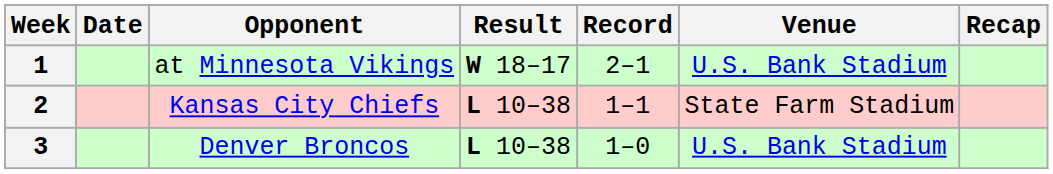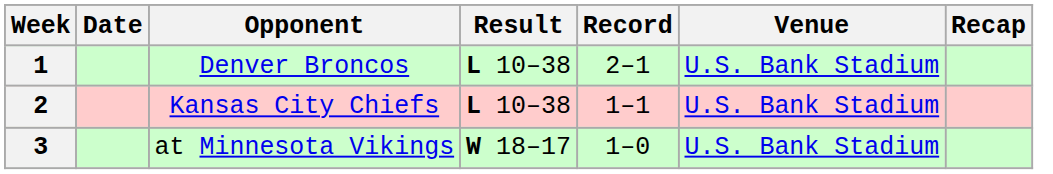 <table class="wikitable" style="text-align:center">
 <tr>
 <th>Week</th>
 <th>Date</th>
 <th>Opponent</th>
 <th>Result</th>
 <th>Record</th>
 <th>Venue</th>
 <th>Recap</th>
 </tr>
 <tr style="background:#cfc">
 <th>1</th>
 <td></td>
-<td>at <a href='#'>Minnesota Vikings</a></td>
-<td><strong>W</strong> 18–17</td>
+<td><a href='#'>Denver Broncos</a></td>
+<td><strong>L</strong> 10–38</td>
 <td>2–1</td>
 <td><a href='#'>U.S. Bank Stadium</a></td>
 <td></td>
 </tr>
 <tr style="background:#fcc">
 <th>2</th>
 <td></td>
 <td><a href='#'>Kansas City Chiefs</a></td>
 <td><strong>L</strong> 10–38</td>
 <td>1–1</td>
-<td>State Farm Stadium</td>
+<td><a href='#'>U.S. Bank Stadium</a></td>
 <td></td>
 </tr>
 <tr style="background:#cfc">
 <th>3</th>
 <td></td>
-<td><a href='#'>Denver Broncos</a></td>
-<td><strong>L</strong> 10–38</td>
+<td>at <a href='#'>Minnesota Vikings</a></td>
+<td><strong>W</strong> 18–17</td>
 <td>1–0</td>
 <td><a href='#'>U.S. Bank Stadium</a></td>
 <td></td>
 </tr>
 </table>
